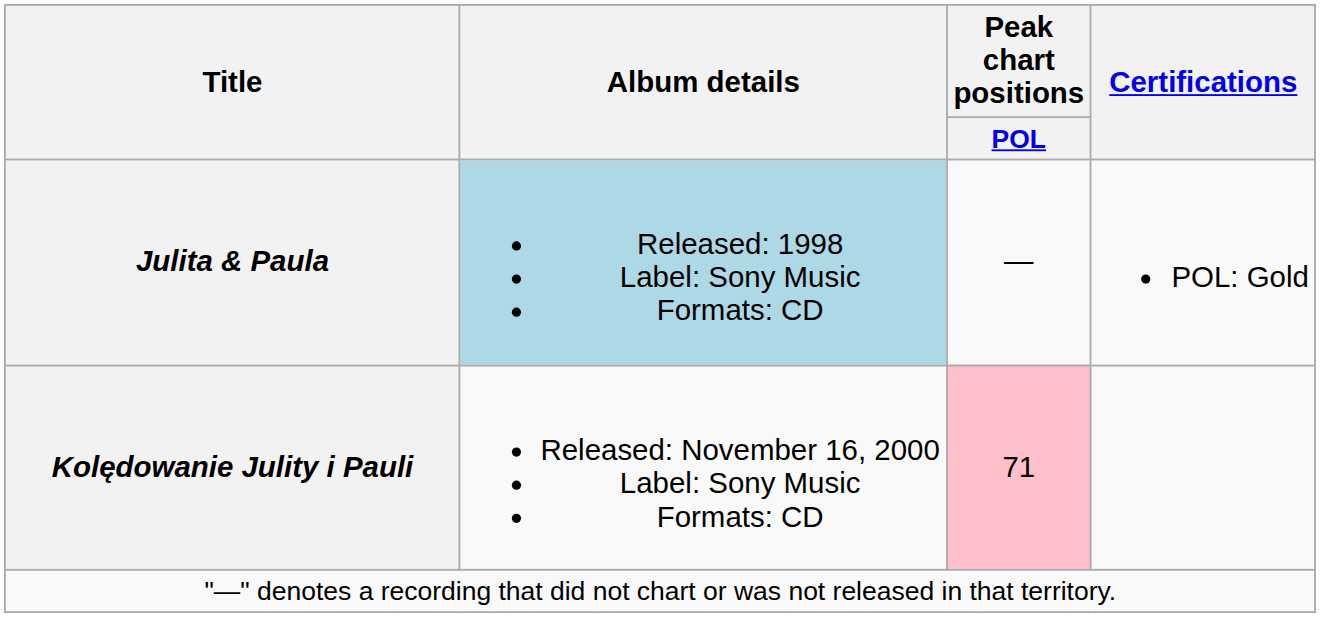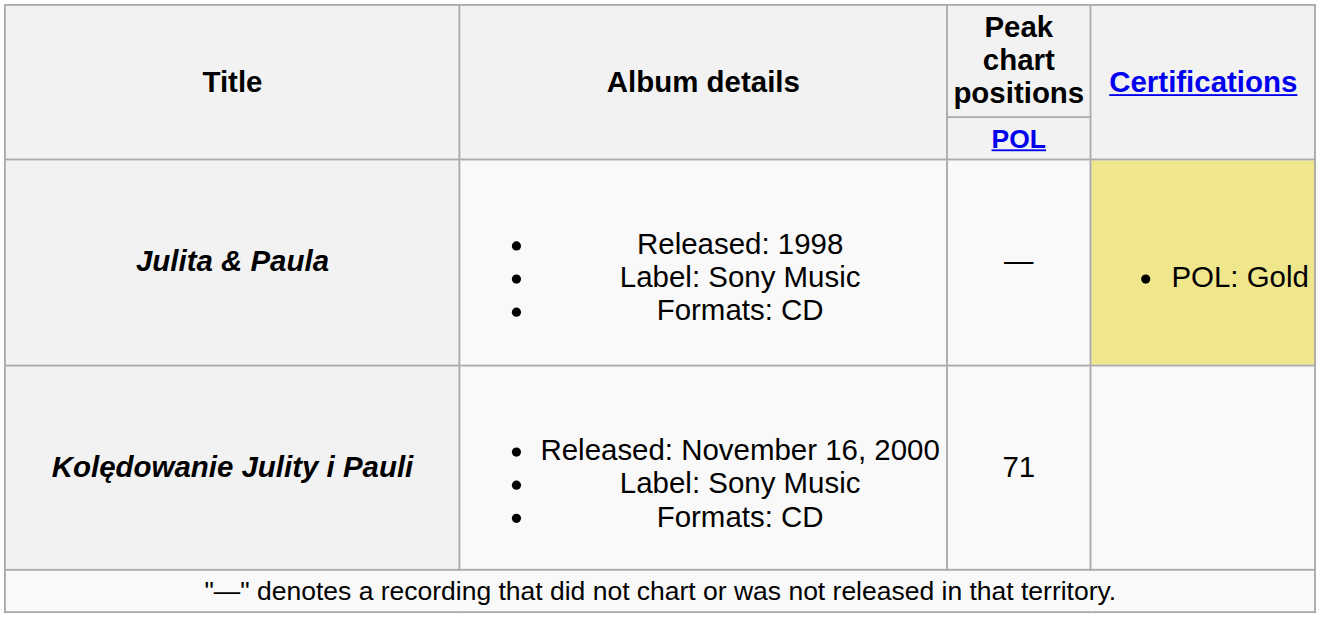 <table class="wikitable plainrowheaders" style="text-align:center;">
 <tr>
 <th scope="col" rowspan="2" style="width:15em;">Title</th>
 <th scope="col" rowspan="2">Album details</th>
 <th scope="col" colspan="1">Peak chart positions</th>
 <th scope="col" rowspan="2"><a href='#'>Certifications</a></th>
 </tr>
 <tr>
 <th scope="col" style="width:3em;font-size:90%;"><a href='#'>POL</a><br></th>
 </tr>
 <tr>
 <th scope="row"><em>Julita & Paula</em></th>
-<td style="background: lightblue;"><br><ul><li>Released: 1998</li><li>Label: Sony Music</li><li>Formats: CD</li></ul></td>
+<td><br><ul><li>Released: 1998</li><li>Label: Sony Music</li><li>Formats: CD</li></ul></td>
 <td>—</td>
-<td><br><ul><li>POL: Gold</li></ul></td>
+<td style="background: khaki;"><br><ul><li>POL: Gold</li></ul></td>
 </tr>
 <tr>
 <th scope="row"><em>Kolędowanie Julity i Pauli</em></th>
 <td><br><ul><li>Released: November 16, 2000</li><li>Label: Sony Music</li><li>Formats: CD</li></ul></td>
-<td style="background: pink;">71</td>
+<td>71</td>
 <td></td>
 </tr>
 <tr>
 <td colspan="10" style="font-size:90%">"—" denotes a recording that did not chart or was not released in that territory.</td>
 </tr>
 </table>
